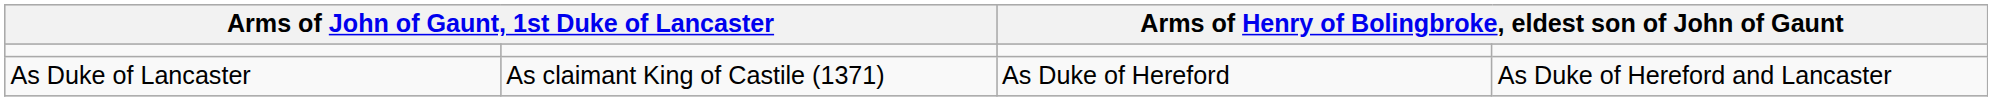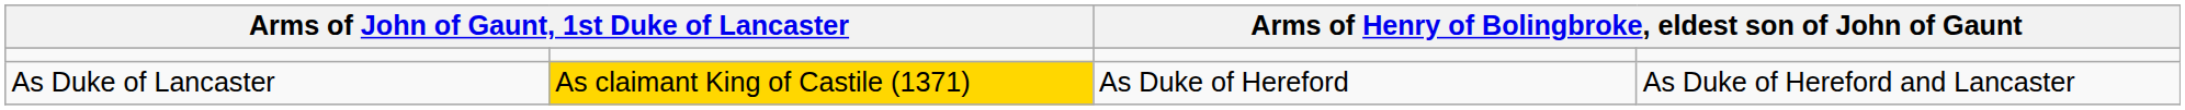 <table class="wikitable" width="100%">
 <tr>
 <th align=center colspan=2>Arms of <a href='#'>John of Gaunt, 1st Duke of Lancaster</a></th>
 <th align=center colspan=2>Arms of <a href='#'>Henry of Bolingbroke</a>, eldest son of John of Gaunt</th>
 </tr>
 <tr>
 <td align=center width="25%"></td>
 <td align=center width="25%"></td>
 <td align=center width="25%"></td>
 <td align=center width="25%"></td>
 </tr>
 <tr>
 <td>As Duke of Lancaster</td>
-<td>As claimant King of Castile (1371)</td>
+<td style="background: gold;">As claimant King of Castile (1371)</td>
 <td>As Duke of Hereford</td>
 <td>As Duke of Hereford and Lancaster</td>
 </tr>
 </table>
